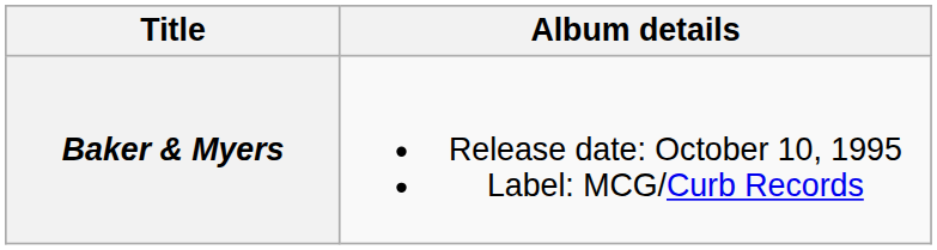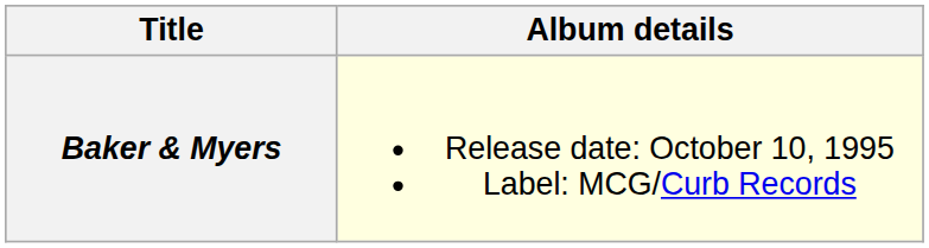 <table class="wikitable plainrowheaders" style="text-align:center;">
 <tr>
 <th style="width:10em;">Title</th>
 <th style="width:18em;">Album details</th>
 </tr>
 <tr>
 <th scope="row"><em>Baker & Myers</em></th>
-<td><br><ul><li>Release date: October 10, 1995</li><li>Label: MCG/<a href='#'>Curb Records</a></li></ul></td>
+<td style="background: lightyellow;"><br><ul><li>Release date: October 10, 1995</li><li>Label: MCG/<a href='#'>Curb Records</a></li></ul></td>
 </tr>
 </table>
